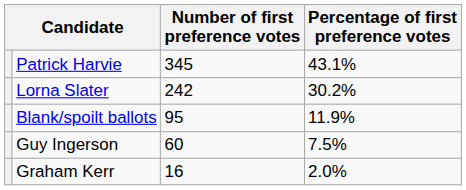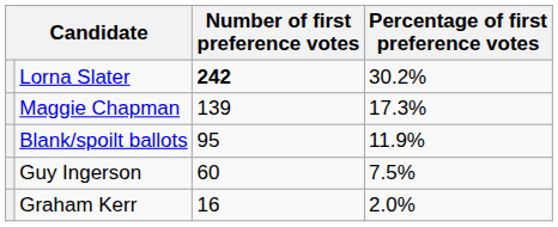 <table class="wikitable">
 <tr>
 <th colspan="2"><strong>Candidate</strong></th>
 <th><strong>Number of first<br>preference votes</strong></th>
 <th><strong>Percentage of first<br>preference votes</strong></th>
 </tr>
 <tr>
 <th style="background-color: "></th>
-<td><a href='#'>Patrick Harvie</a></td>
-<td>345</td>
-<td>43.1%</td>
+<td><a href='#'>Lorna Slater</a></td>
+<td><strong>242</strong></td>
+<td>30.2%</td>
 </tr>
 <tr>
 <th style="background-color: "></th>
-<td><a href='#'>Lorna Slater</a></td>
-<td>242</td>
-<td>30.2%</td>
+<td><a href='#'>Maggie Chapman</a></td>
+<td>139</td>
+<td>17.3%</td>
 </tr>
 <tr>
 <th></th>
 <td><a href='#'>Blank/spoilt ballots</a></td>
 <td>95</td>
 <td>11.9%</td>
 </tr>
 <tr>
 <th style="background-color: "></th>
 <td>Guy Ingerson</td>
 <td>60</td>
 <td>7.5%</td>
 </tr>
 <tr>
 <th style="background-color: "></th>
 <td>Graham Kerr</td>
 <td>16</td>
 <td>2.0%</td>
 </tr>
 </table>
